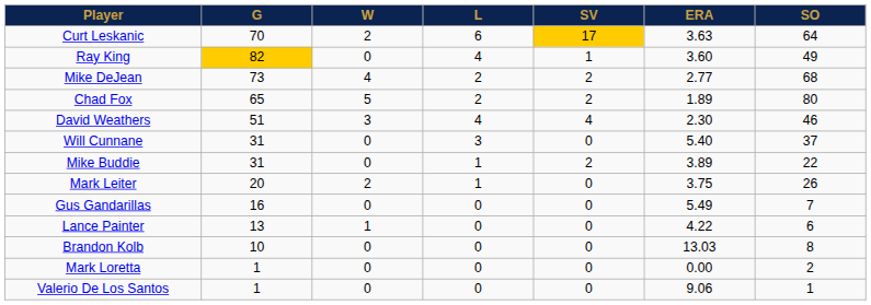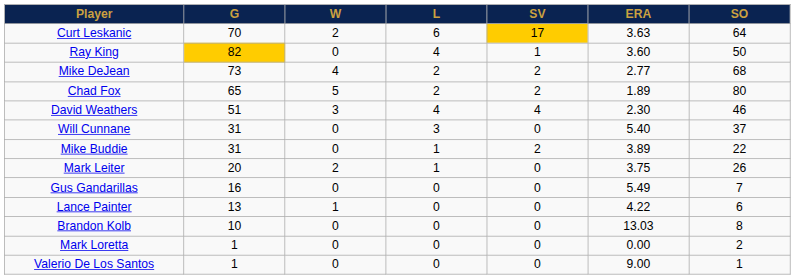 <table class="wikitable sortable">
 <tr>
 <th style=" background:#0a2351; color:#CBA140;" width="16%">Player</th>
 <th style=" background:#0a2351; color:#CBA140;" width="9%">G</th>
 <th style=" background:#0a2351; color:#CBA140;" width="9%">W</th>
 <th style=" background:#0a2351; color:#CBA140;" width="9%">L</th>
 <th style=" background:#0a2351; color:#CBA140;" width="9%">SV</th>
 <th style=" background:#0a2351; color:#CBA140;" width="9%">ERA</th>
 <th style=" background:#0a2351; color:#CBA140;" width="9%">SO</th>
 </tr>
 <tr align=center>
 <td><a href='#'>Curt Leskanic</a></td>
 <td>70</td>
 <td>2</td>
 <td>6</td>
 <td bgcolor="#FFCC00">17</td>
 <td>3.63</td>
 <td>64</td>
 </tr>
 <tr align=center>
 <td><a href='#'>Ray King</a></td>
 <td bgcolor="#FFCC00">82</td>
 <td>0</td>
 <td>4</td>
 <td>1</td>
 <td>3.60</td>
-<td>49</td>
+<td>50</td>
 </tr>
 <tr align=center>
 <td><a href='#'>Mike DeJean</a></td>
 <td>73</td>
 <td>4</td>
 <td>2</td>
 <td>2</td>
 <td>2.77</td>
 <td>68</td>
 </tr>
 <tr align=center>
 <td><a href='#'>Chad Fox</a></td>
 <td>65</td>
 <td>5</td>
 <td>2</td>
 <td>2</td>
 <td>1.89</td>
 <td>80</td>
 </tr>
 <tr align=center>
 <td><a href='#'>David Weathers</a></td>
 <td>51</td>
 <td>3</td>
 <td>4</td>
 <td>4</td>
 <td>2.30</td>
 <td>46</td>
 </tr>
 <tr align=center>
 <td><a href='#'>Will Cunnane</a></td>
 <td>31</td>
 <td>0</td>
 <td>3</td>
 <td>0</td>
 <td>5.40</td>
 <td>37</td>
 </tr>
 <tr align=center>
 <td><a href='#'>Mike Buddie</a></td>
 <td>31</td>
 <td>0</td>
 <td>1</td>
 <td>2</td>
 <td>3.89</td>
 <td>22</td>
 </tr>
 <tr align=center>
 <td><a href='#'>Mark Leiter</a></td>
 <td>20</td>
 <td>2</td>
 <td>1</td>
 <td>0</td>
 <td>3.75</td>
 <td>26</td>
 </tr>
 <tr align=center>
 <td><a href='#'>Gus Gandarillas</a></td>
 <td>16</td>
 <td>0</td>
 <td>0</td>
 <td>0</td>
 <td>5.49</td>
 <td>7</td>
 </tr>
 <tr align=center>
 <td><a href='#'>Lance Painter</a></td>
 <td>13</td>
 <td>1</td>
 <td>0</td>
 <td>0</td>
 <td>4.22</td>
 <td>6</td>
 </tr>
 <tr align=center>
 <td><a href='#'>Brandon Kolb</a></td>
 <td>10</td>
 <td>0</td>
 <td>0</td>
 <td>0</td>
 <td>13.03</td>
 <td>8</td>
 </tr>
 <tr align=center>
 <td><a href='#'>Mark Loretta</a></td>
 <td>1</td>
 <td>0</td>
 <td>0</td>
 <td>0</td>
 <td>0.00</td>
 <td>2</td>
 </tr>
 <tr align=center>
 <td><a href='#'>Valerio De Los Santos</a></td>
 <td>1</td>
 <td>0</td>
 <td>0</td>
 <td>0</td>
-<td>9.06</td>
+<td>9.00</td>
 <td>1</td>
 </tr>
 </table>
